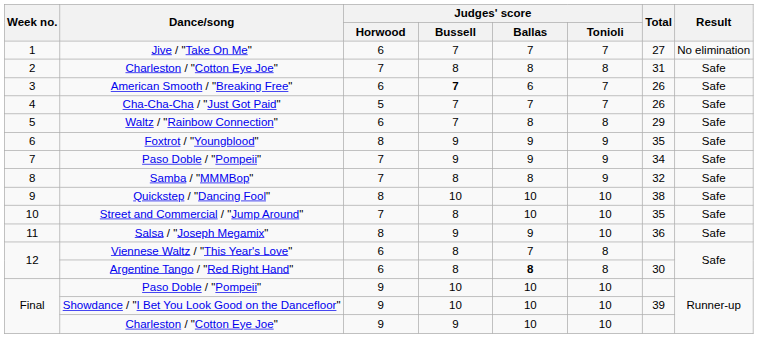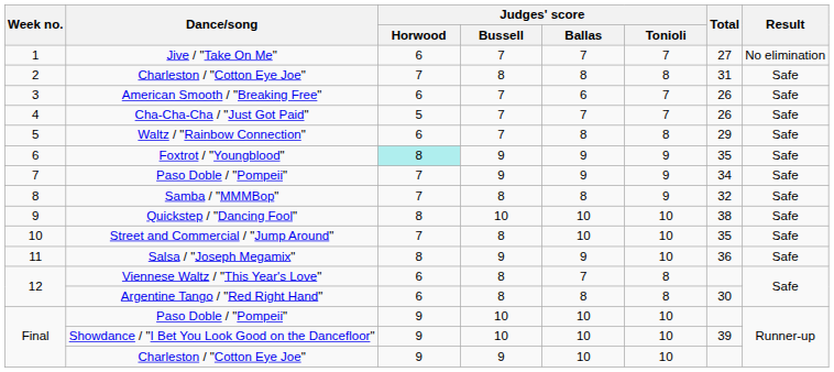 <table class="wikitable" style="text-align:center;">
 <tr>
 <th rowspan="2">Week no.</th>
 <th rowspan="2">Dance/song</th>
 <th colspan="4">Judges' score</th>
 <th rowspan="2">Total</th>
 <th rowspan="2">Result</th>
 </tr>
 <tr>
 <th style="width:10%">Horwood</th>
 <th style="width:10%">Bussell</th>
 <th style="width:10%">Ballas</th>
 <th style="width:10%">Tonioli</th>
 </tr>
 <tr>
 <td>1</td>
 <td><a href='#'>Jive</a> / "<a href='#'>Take On Me</a>"</td>
 <td>6</td>
 <td>7</td>
 <td>7</td>
 <td>7</td>
 <td>27</td>
 <td>No elimination</td>
 </tr>
 <tr>
 <td>2</td>
 <td><a href='#'>Charleston</a> / "<a href='#'>Cotton Eye Joe</a>"</td>
 <td>7</td>
 <td>8</td>
 <td>8</td>
 <td>8</td>
 <td>31</td>
 <td>Safe</td>
 </tr>
 <tr>
 <td>3</td>
 <td><a href='#'>American Smooth</a> / "<a href='#'>Breaking Free</a>"</td>
 <td>6</td>
-<td><strong>7</strong></td>
+<td>7</td>
 <td>6</td>
 <td>7</td>
 <td>26</td>
 <td>Safe</td>
 </tr>
 <tr>
 <td>4</td>
 <td><a href='#'>Cha-Cha-Cha</a> / "<a href='#'>Just Got Paid</a>"</td>
 <td>5</td>
 <td>7</td>
 <td>7</td>
 <td>7</td>
 <td>26</td>
 <td>Safe</td>
 </tr>
 <tr>
 <td>5</td>
 <td><a href='#'>Waltz</a> / "<a href='#'>Rainbow Connection</a>"</td>
 <td>6</td>
 <td>7</td>
 <td>8</td>
 <td>8</td>
 <td>29</td>
 <td>Safe</td>
 </tr>
 <tr>
 <td>6</td>
 <td><a href='#'>Foxtrot</a> / "<a href='#'>Youngblood</a>"</td>
-<td>8</td>
+<td style="background: paleturquoise;">8</td>
 <td>9</td>
 <td>9</td>
 <td>9</td>
 <td>35</td>
 <td>Safe</td>
 </tr>
 <tr>
 <td>7</td>
 <td><a href='#'>Paso Doble</a> / "<a href='#'>Pompeii</a>"</td>
 <td>7</td>
 <td>9</td>
 <td>9</td>
 <td>9</td>
 <td>34</td>
 <td>Safe</td>
 </tr>
 <tr>
 <td>8</td>
 <td><a href='#'>Samba</a> / "<a href='#'>MMMBop</a>"</td>
 <td>7</td>
 <td>8</td>
 <td>8</td>
 <td>9</td>
 <td>32</td>
 <td>Safe</td>
 </tr>
 <tr>
 <td>9</td>
 <td><a href='#'>Quickstep</a> / "<a href='#'>Dancing Fool</a>"</td>
 <td>8</td>
 <td>10</td>
 <td>10</td>
 <td>10</td>
 <td>38</td>
 <td>Safe</td>
 </tr>
 <tr>
 <td>10</td>
 <td><a href='#'>Street and Commercial</a> / "<a href='#'>Jump Around</a>"</td>
 <td>7</td>
 <td>8</td>
 <td>10</td>
 <td>10</td>
 <td>35</td>
 <td>Safe</td>
 </tr>
 <tr>
 <td>11</td>
 <td><a href='#'>Salsa</a> / "<a href='#'>Joseph Megamix</a>"</td>
 <td>8</td>
 <td>9</td>
 <td>9</td>
 <td>10</td>
 <td>36</td>
 <td>Safe</td>
 </tr>
 <tr>
 <td rowspan="2">12</td>
 <td><a href='#'>Viennese Waltz</a> / "<a href='#'>This Year's Love</a>"</td>
 <td>6</td>
 <td>8</td>
 <td>7</td>
 <td>8</td>
 <td></td>
 <td rowspan="2">Safe</td>
 </tr>
 <tr>
 <td><a href='#'>Argentine Tango</a> / "<a href='#'>Red Right Hand</a>"</td>
 <td>6</td>
 <td>8</td>
-<td><strong>8</strong></td>
+<td>8</td>
 <td>8</td>
 <td>30</td>
 </tr>
 <tr>
 <td rowspan="3">Final</td>
 <td><a href='#'>Paso Doble</a> / "<a href='#'>Pompeii</a>"</td>
 <td>9</td>
 <td>10</td>
 <td>10</td>
 <td>10</td>
 <td></td>
 <td rowspan="3">Runner-up</td>
 </tr>
 <tr>
 <td><a href='#'>Showdance</a> / "<a href='#'>I Bet You Look Good on the Dancefloor</a>"</td>
 <td>9</td>
 <td>10</td>
 <td>10</td>
 <td>10</td>
 <td>39</td>
 </tr>
 <tr>
 <td><a href='#'>Charleston</a> / "<a href='#'>Cotton Eye Joe</a>"</td>
 <td>9</td>
 <td>9</td>
 <td>10</td>
 <td>10</td>
 <td></td>
 </tr>
 </table>
